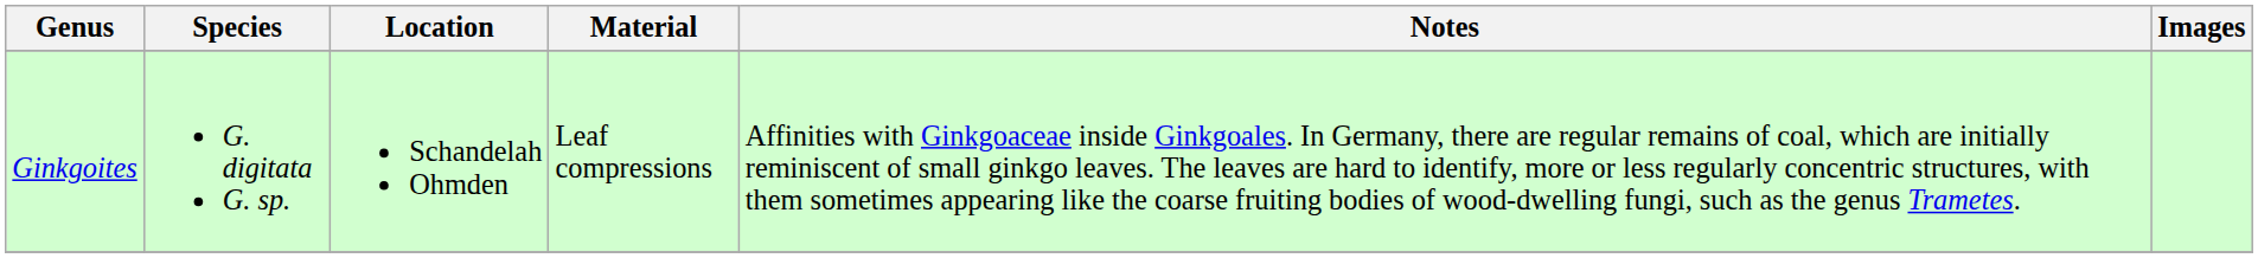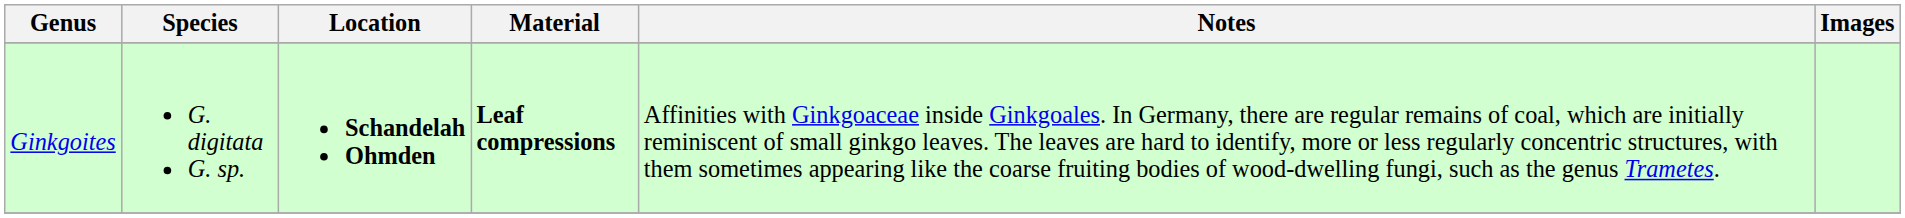 <table class="wikitable sortable">
 <tr>
 <th>Genus</th>
 <th>Species</th>
 <th>Location</th>
 <th>Material</th>
 <th>Notes</th>
 <th>Images</th>
 </tr>
 <tr>
 </tr>
 <tr>
 <td style="background:#D1FFCF;"><br><em><a href='#'>Ginkgoites</a></em></td>
 <td style="background:#D1FFCF;"><br><ul><li><em>G. digitata</em></li><li><em>G. sp.</em></li></ul></td>
-<td style="background:#D1FFCF;"><br><ul><li>Schandelah</li><li>Ohmden</li></ul></td>
-<td style="background:#D1FFCF;">Leaf compressions</td>
+<td style="background:#D1FFCF;"><strong><br><ul><li>Schandelah</li><li>Ohmden</li></ul></strong></td>
+<td style="background:#D1FFCF;"><strong>Leaf compressions</strong></td>
 <td style="background:#D1FFCF;"><br>Affinities with <a href='#'>Ginkgoaceae</a> inside <a href='#'>Ginkgoales</a>. In Germany, there are regular remains of coal, which are initially reminiscent of small ginkgo leaves. The leaves are hard to identify, more or less regularly concentric structures, with them sometimes appearing like the coarse fruiting bodies of wood-dwelling fungi, such as the genus <em><a href='#'>Trametes</a></em>.</td>
 <td style="background:#D1FFCF;"><br></td>
 </tr>
 <tr>
 </tr>
 </table>
